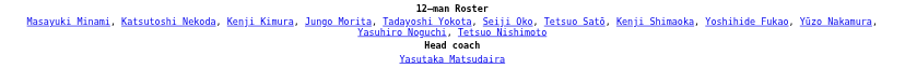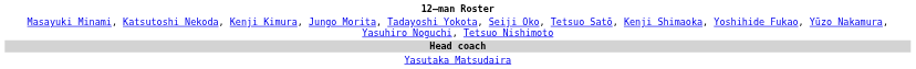 <table style="text-align:center; margin-top:2em; margin-left:auto; margin-right:auto">
 <tr>
 <td><strong>12–man Roster</strong></td>
 </tr>
 <tr>
 <td><a href='#'>Masayuki Minami</a>, <a href='#'>Katsutoshi Nekoda</a>, <a href='#'>Kenji Kimura</a>, <a href='#'>Jungo Morita</a>, <a href='#'>Tadayoshi Yokota</a>, <a href='#'>Seiji Oko</a>, <a href='#'>Tetsuo Satō</a>, <a href='#'>Kenji Shimaoka</a>, <a href='#'>Yoshihide Fukao</a>, <a href='#'>Yūzo Nakamura</a>, <a href='#'>Yasuhiro Noguchi</a>, <a href='#'>Tetsuo Nishimoto</a></td>
 </tr>
 <tr>
-<td><strong>Head coach</strong></td>
+<td style="background: lightgrey;"><strong>Head coach</strong></td>
 </tr>
 <tr>
 <td><a href='#'>Yasutaka Matsudaira</a></td>
 </tr>
 </table>
